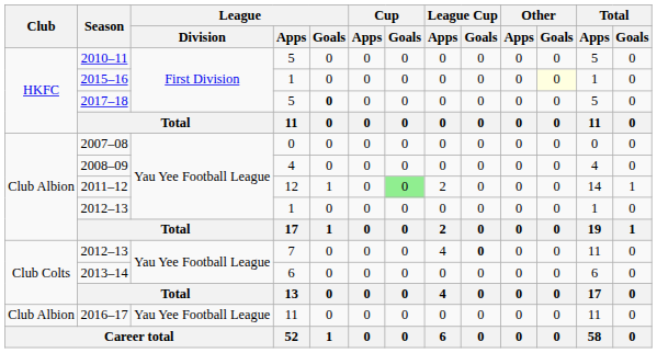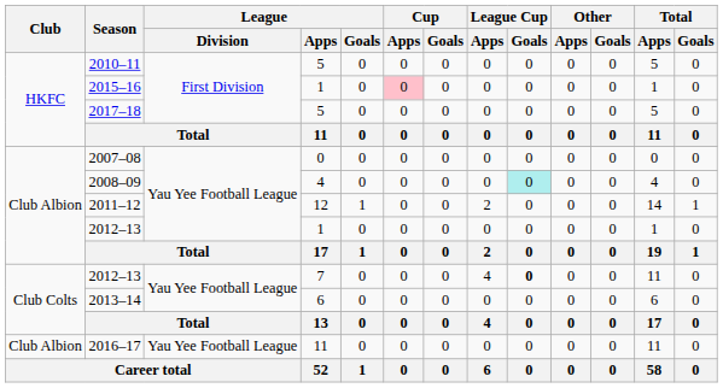 <table class="wikitable" style="text-align: center">
 <tr>
 <th rowspan="2">Club</th>
 <th rowspan="2">Season</th>
 <th colspan="3">League</th>
 <th colspan="2">Cup</th>
 <th colspan="2">League Cup</th>
 <th colspan="2">Other</th>
 <th colspan="2">Total</th>
 </tr>
 <tr>
 <th>Division</th>
 <th>Apps</th>
 <th>Goals</th>
 <th>Apps</th>
 <th>Goals</th>
 <th>Apps</th>
 <th>Goals</th>
 <th>Apps</th>
 <th>Goals</th>
 <th>Apps</th>
 <th>Goals</th>
 </tr>
 <tr>
 <td rowspan="4"><a href='#'>HKFC</a></td>
 <td><a href='#'>2010–11</a></td>
 <td rowspan="3"><a href='#'>First Division</a></td>
 <td>5</td>
 <td>0</td>
 <td>0</td>
 <td>0</td>
 <td>0</td>
 <td>0</td>
 <td>0</td>
 <td>0</td>
 <td>5</td>
 <td>0</td>
 </tr>
 <tr>
 <td><a href='#'>2015–16</a></td>
 <td>1</td>
 <td>0</td>
+<td style="background: pink;">0</td>
 <td>0</td>
 <td>0</td>
 <td>0</td>
 <td>0</td>
 <td>0</td>
-<td style="background: lightyellow;">0</td>
 <td>1</td>
 <td>0</td>
 </tr>
 <tr>
 <td><a href='#'>2017–18</a></td>
 <td>5</td>
-<td><strong>0</strong></td>
+<td>0</td>
 <td>0</td>
 <td>0</td>
 <td>0</td>
 <td>0</td>
 <td>0</td>
 <td>0</td>
 <td>5</td>
 <td>0</td>
 </tr>
 <tr>
 <th colspan="2">Total</th>
 <th>11</th>
 <th>0</th>
 <th>0</th>
 <th>0</th>
 <th>0</th>
 <th>0</th>
 <th>0</th>
 <th>0</th>
 <th>11</th>
 <th>0</th>
 </tr>
 <tr>
 <td rowspan="5">Club Albion</td>
 <td>2007–08</td>
 <td rowspan="4">Yau Yee Football League</td>
 <td>0</td>
 <td>0</td>
 <td>0</td>
 <td>0</td>
 <td>0</td>
 <td>0</td>
 <td>0</td>
 <td>0</td>
 <td>0</td>
 <td>0</td>
 </tr>
 <tr>
 <td>2008–09</td>
 <td>4</td>
 <td>0</td>
 <td>0</td>
 <td>0</td>
 <td>0</td>
-<td>0</td>
+<td style="background: paleturquoise;">0</td>
 <td>0</td>
 <td>0</td>
 <td>4</td>
 <td>0</td>
 </tr>
 <tr>
 <td>2011–12</td>
 <td>12</td>
 <td>1</td>
 <td>0</td>
-<td style="background: lightgreen;">0</td>
+<td>0</td>
 <td>2</td>
 <td>0</td>
 <td>0</td>
 <td>0</td>
 <td>14</td>
 <td>1</td>
 </tr>
 <tr>
 <td>2012–13</td>
 <td>1</td>
 <td>0</td>
 <td>0</td>
 <td>0</td>
 <td>0</td>
 <td>0</td>
 <td>0</td>
 <td>0</td>
 <td>1</td>
 <td>0</td>
 </tr>
 <tr>
 <th colspan="2">Total</th>
 <th>17</th>
 <th>1</th>
 <th>0</th>
 <th>0</th>
 <th>2</th>
 <th>0</th>
 <th>0</th>
 <th>0</th>
 <th>19</th>
 <th>1</th>
 </tr>
 <tr>
 <td rowspan="3">Club Colts</td>
 <td>2012–13</td>
 <td rowspan="2">Yau Yee Football League</td>
 <td>7</td>
 <td>0</td>
 <td>0</td>
 <td>0</td>
 <td>4</td>
 <td><strong>0</strong></td>
 <td>0</td>
 <td>0</td>
 <td>11</td>
 <td>0</td>
 </tr>
 <tr>
 <td>2013–14</td>
 <td>6</td>
 <td>0</td>
 <td>0</td>
 <td>0</td>
 <td>0</td>
 <td>0</td>
 <td>0</td>
 <td>0</td>
 <td>6</td>
 <td>0</td>
 </tr>
 <tr>
 <th colspan="2">Total</th>
 <th>13</th>
 <th>0</th>
 <th>0</th>
 <th>0</th>
 <th>4</th>
 <th>0</th>
 <th>0</th>
 <th>0</th>
 <th>17</th>
 <th>0</th>
 </tr>
 <tr>
 <td>Club Albion</td>
 <td>2016–17</td>
 <td>Yau Yee Football League</td>
 <td>11</td>
 <td>0</td>
 <td>0</td>
 <td>0</td>
 <td>0</td>
 <td>0</td>
 <td>0</td>
 <td>0</td>
 <td>11</td>
 <td>0</td>
 </tr>
 <tr>
 <th colspan="3">Career total</th>
 <th>52</th>
 <th>1</th>
 <th>0</th>
 <th>0</th>
 <th>6</th>
 <th>0</th>
 <th>0</th>
 <th>0</th>
 <th>58</th>
 <th>0</th>
 </tr>
 </table>
